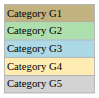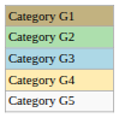 <table class="wikitable" style="font-size:85%;" width=13%>
 <tr bgcolor=#C2B280>
 <td>Category G1</td>
 </tr>
 <tr bgcolor="#ADDFAD">
 <td>Category G2</td>
 </tr>
 <tr bgcolor="lightblue">
 <td>Category G3</td>
 </tr>
 <tr bgcolor=#ffecb2>
 <td>Category G4</td>
 </tr>
 <tr>
-<td style="background: lightgrey;">Category G5</td>
+<td>Category G5</td>
 </tr>
 </table>
